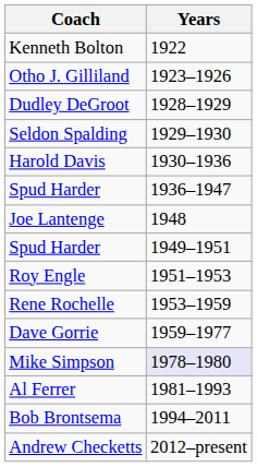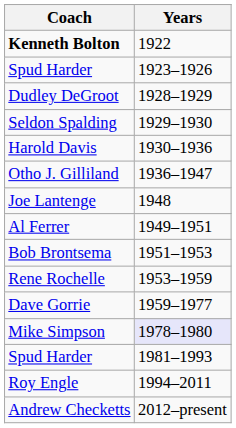 <table class="wikitable">
 <tr>
 <th>Coach</th>
 <th>Years</th>
 </tr>
 <tr>
-<td>Kenneth Bolton</td>
+<td><strong>Kenneth Bolton</strong></td>
 <td>1922</td>
 </tr>
 <tr>
-<td><a href='#'>Otho J. Gilliland</a></td>
+<td><a href='#'>Spud Harder</a></td>
 <td>1923–1926</td>
 </tr>
 <tr>
 <td><a href='#'>Dudley DeGroot</a></td>
 <td>1928–1929</td>
 </tr>
 <tr>
 <td><a href='#'>Seldon Spalding</a></td>
 <td>1929–1930</td>
 </tr>
 <tr>
 <td><a href='#'>Harold Davis</a></td>
 <td>1930–1936</td>
 </tr>
 <tr>
-<td><a href='#'>Spud Harder</a></td>
+<td><a href='#'>Otho J. Gilliland</a></td>
 <td>1936–1947</td>
 </tr>
 <tr>
 <td><a href='#'>Joe Lantenge</a></td>
 <td>1948</td>
 </tr>
 <tr>
-<td><a href='#'>Spud Harder</a></td>
+<td><a href='#'>Al Ferrer</a></td>
 <td>1949–1951</td>
 </tr>
 <tr>
-<td><a href='#'>Roy Engle</a></td>
+<td><a href='#'>Bob Brontsema</a></td>
 <td>1951–1953</td>
 </tr>
 <tr>
 <td><a href='#'>Rene Rochelle</a></td>
 <td>1953–1959</td>
 </tr>
 <tr>
 <td><a href='#'>Dave Gorrie</a></td>
 <td>1959–1977</td>
 </tr>
 <tr>
 <td><a href='#'>Mike Simpson</a></td>
 <td style="background: lavender;">1978–1980</td>
 </tr>
 <tr>
-<td><a href='#'>Al Ferrer</a></td>
+<td><a href='#'>Spud Harder</a></td>
 <td>1981–1993</td>
 </tr>
 <tr>
-<td><a href='#'>Bob Brontsema</a></td>
+<td><a href='#'>Roy Engle</a></td>
 <td>1994–2011</td>
 </tr>
 <tr>
 <td><a href='#'>Andrew Checketts</a></td>
 <td>2012–present</td>
 </tr>
 </table>
